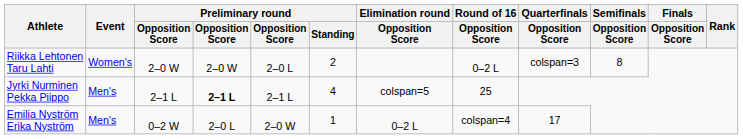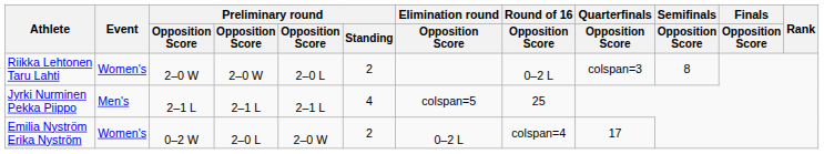 <table class=wikitable style="font-size:90%">
 <tr>
 <th rowspan="2">Athlete</th>
 <th rowspan="2">Event</th>
 <th colspan="4">Preliminary round</th>
 <th>Elimination round</th>
 <th>Round of 16</th>
 <th>Quarterfinals</th>
 <th>Semifinals</th>
 <th>Finals</th>
 <th rowspan="2">Rank</th>
 </tr>
 <tr style="font-size:95%">
 <th>Opposition<br>Score</th>
 <th>Opposition<br>Score</th>
 <th>Opposition<br>Score</th>
 <th>Standing</th>
 <th>Opposition<br>Score</th>
 <th>Opposition<br>Score</th>
 <th>Opposition<br>Score</th>
 <th>Opposition<br>Score</th>
 <th>Opposition<br>Score</th>
 </tr>
 <tr align=center>
 <td align=left><a href='#'>Riikka Lehtonen</a><br><a href='#'>Taru Lahti</a></td>
 <td align=left><a href='#'>Women's</a></td>
 <td><br>2–0 W</td>
 <td><br>2–0 W</td>
 <td><br>2–0 L</td>
 <td>2</td>
 <td></td>
 <td><br>0–2 L</td>
 <td>colspan=3 </td>
 <td>8</td>
 </tr>
 <tr align=center>
 <td align=left><a href='#'>Jyrki Nurminen</a><br><a href='#'>Pekka Piippo</a></td>
 <td align=left><a href='#'>Men's</a></td>
 <td><br>2–1 L</td>
-<td><strong><br>2–1 L</strong></td>
+<td><br>2–1 L</td>
 <td><br>2–1 L</td>
 <td>4</td>
 <td>colspan=5 </td>
 <td>25</td>
 </tr>
 <tr align=center>
 <td align=left><a href='#'>Emilia Nyström</a><br><a href='#'>Erika Nyström</a></td>
-<td align=left><a href='#'>Men's</a></td>
+<td align=left><a href='#'>Women's</a></td>
 <td><br>0–2 W</td>
 <td><br>2–0 L</td>
 <td><br>2–0 W</td>
-<td>1</td>
+<td>2</td>
 <td><br>0–2 L</td>
 <td>colspan=4 </td>
 <td>17</td>
 </tr>
 </table>
